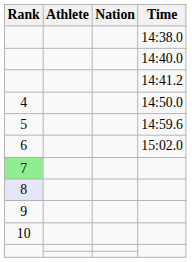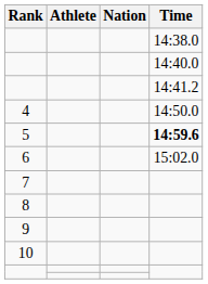 <table class="wikitable sortable" style="text-align:center">
 <tr>
 <th>Rank</th>
 <th>Athlete</th>
 <th>Nation</th>
 <th>Time</th>
 </tr>
 <tr>
 <td></td>
 <td align=left></td>
 <td align=left></td>
 <td>14:38.0</td>
 </tr>
 <tr>
 <td></td>
 <td align=left></td>
 <td align=left></td>
 <td>14:40.0</td>
 </tr>
 <tr>
 <td></td>
 <td align=left></td>
 <td align=left></td>
 <td>14:41.2</td>
 </tr>
 <tr>
 <td>4</td>
 <td align=left></td>
 <td align=left></td>
 <td>14:50.0</td>
 </tr>
 <tr>
 <td>5</td>
 <td align=left></td>
 <td align=left></td>
-<td>14:59.6</td>
+<td><strong>14:59.6</strong></td>
 </tr>
 <tr>
 <td>6</td>
 <td align=left></td>
 <td align=left></td>
 <td>15:02.0</td>
 </tr>
 <tr>
-<td style="background: lightgreen;">7</td>
+<td>7</td>
 <td align=left></td>
 <td align=left></td>
 <td></td>
 </tr>
 <tr>
-<td style="background: lavender;">8</td>
+<td>8</td>
 <td align=left></td>
 <td align=left></td>
 <td></td>
 </tr>
 <tr>
 <td>9</td>
 <td align=left></td>
 <td align=left></td>
 <td></td>
 </tr>
 <tr>
 <td>10</td>
 <td align=left></td>
 <td align=left></td>
 <td></td>
 </tr>
 <tr>
 <td rowspan=2></td>
 <td align=left></td>
 <td align=left></td>
 <td rowspan=2></td>
 </tr>
 <tr>
 <td align=left></td>
 <td align=left></td>
 </tr>
 </table>
